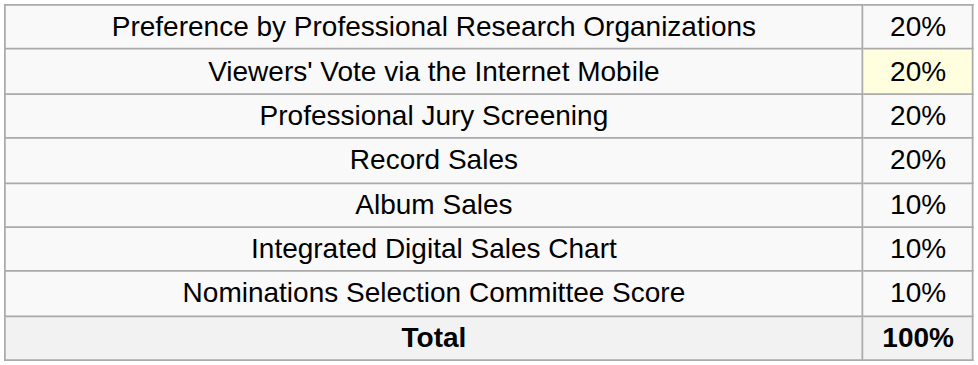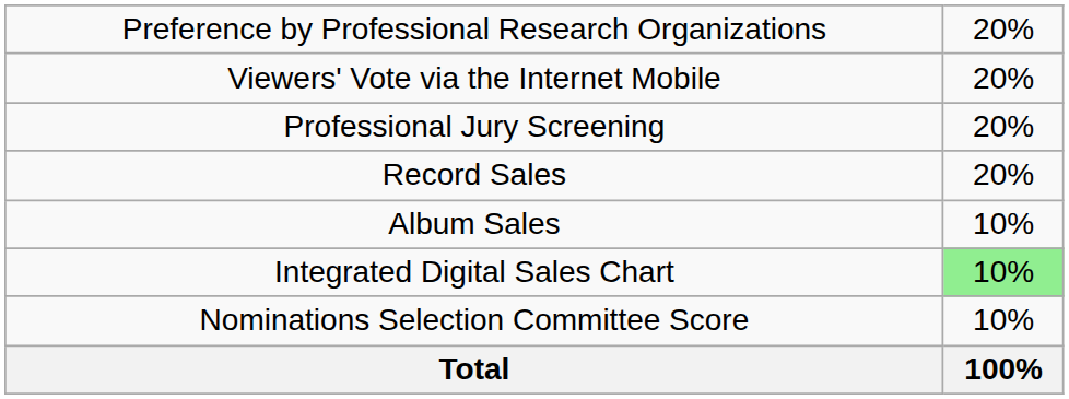 <table class="wikitable plainrowheaders" style="width:35%; text-align:center;">
 <tr>
 <td>Preference by Professional Research Organizations</td>
 <td>20%</td>
 </tr>
 <tr>
 <td>Viewers' Vote via the Internet Mobile</td>
-<td style="background: lightyellow;">20%</td>
+<td>20%</td>
 </tr>
 <tr>
 <td>Professional Jury Screening</td>
 <td>20%</td>
 </tr>
 <tr>
 <td>Record Sales</td>
 <td>20%</td>
 </tr>
 <tr>
 <td>Album Sales</td>
 <td>10%</td>
 </tr>
 <tr>
 <td>Integrated Digital Sales Chart</td>
-<td>10%</td>
+<td style="background: lightgreen;">10%</td>
 </tr>
 <tr>
 <td>Nominations Selection Committee Score</td>
 <td>10%</td>
 </tr>
 <tr>
 <th>Total</th>
 <th>100%</th>
 </tr>
 </table>
